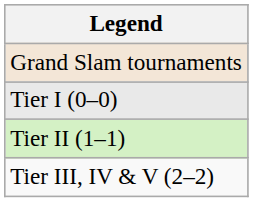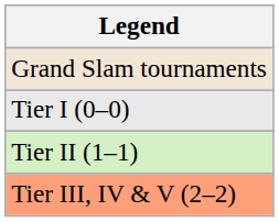 <table class="wikitable" style="font-size:90%;">
 <tr>
 <th>Legend</th>
 </tr>
 <tr>
 <td style="background:#f3e6d7;">Grand Slam tournaments</td>
 </tr>
 <tr>
 <td style="background:#e9e9e9;">Tier I (0–0)</td>
 </tr>
 <tr>
 <td style="background:#d4f1c5;">Tier II (1–1)</td>
 </tr>
 <tr>
-<td>Tier III, IV & V (2–2)</td>
+<td style="background: lightsalmon;">Tier III, IV & V (2–2)</td>
 </tr>
 </table>
